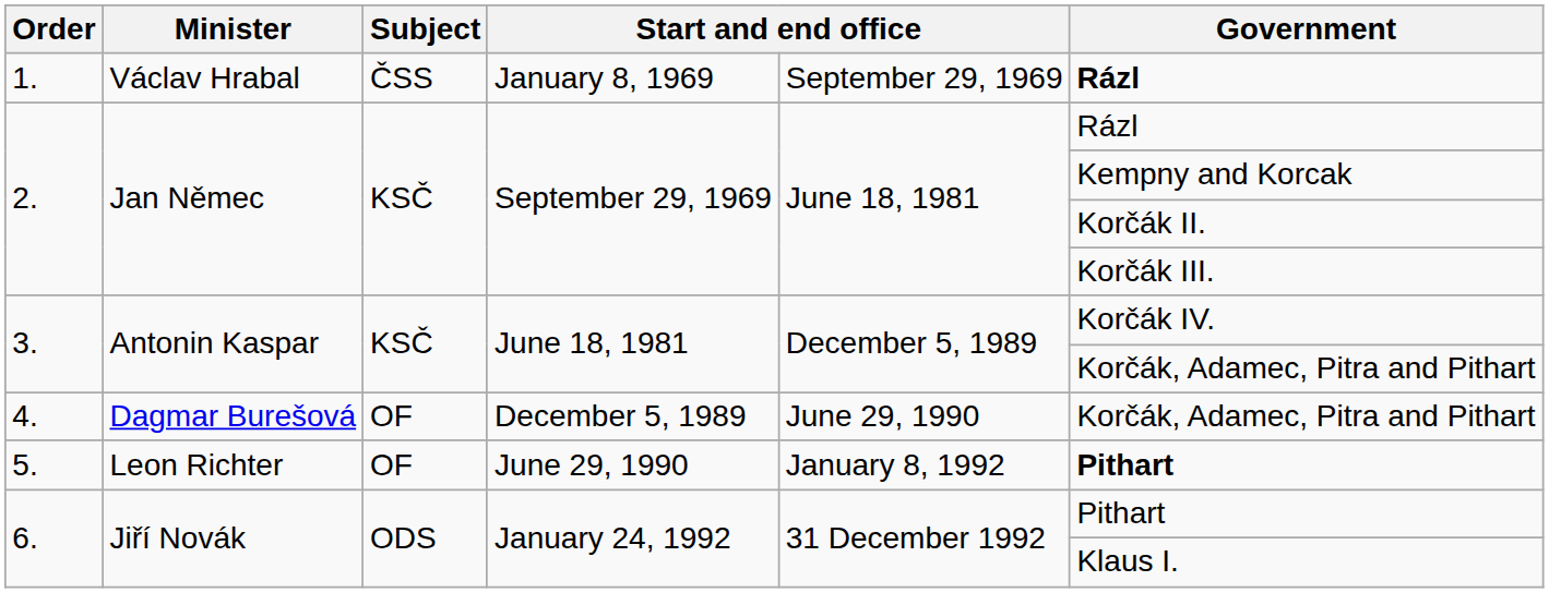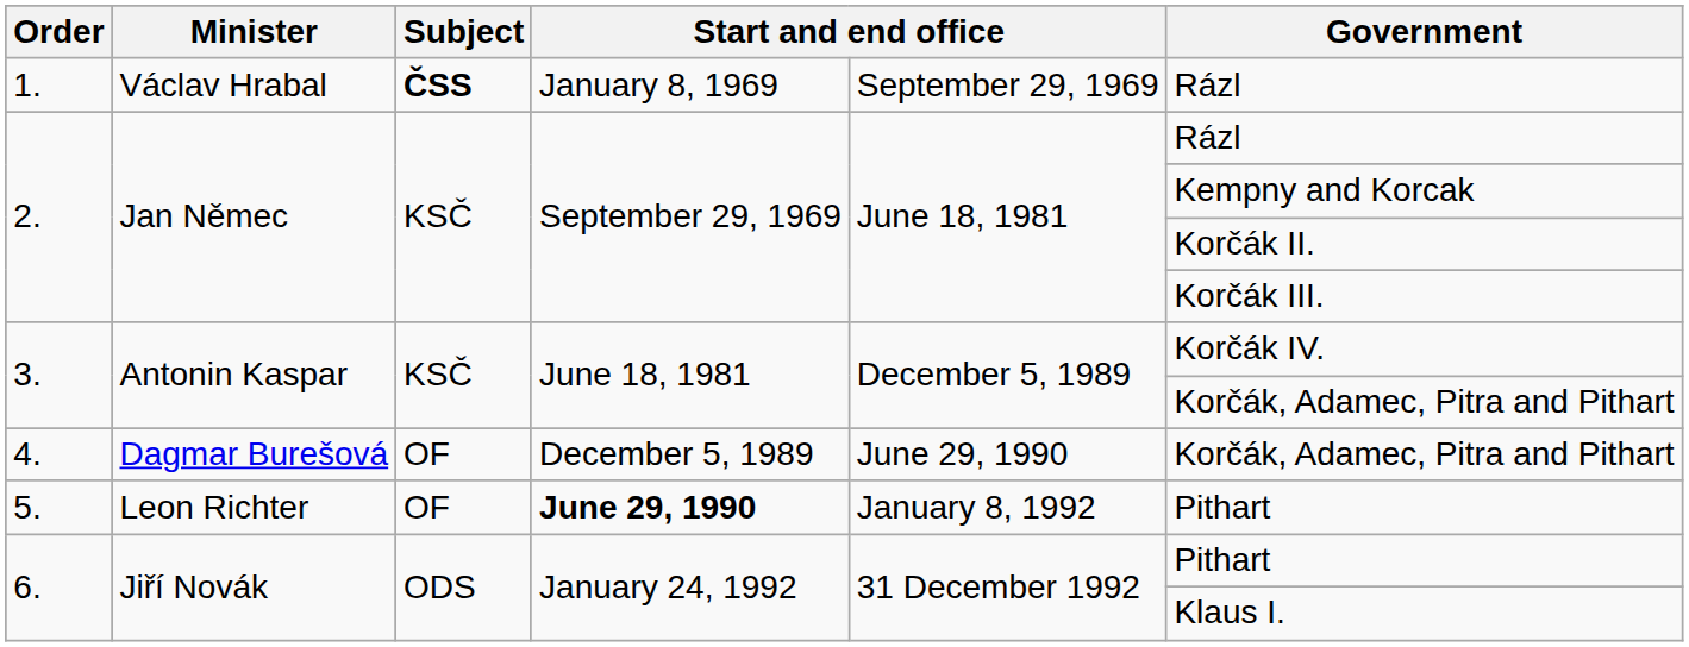 <table class="wikitable">
 <tr>
 <th>Order</th>
 <th>Minister</th>
 <th>Subject</th>
 <th colspan="2">Start and end office</th>
 <th>Government</th>
 </tr>
 <tr>
 <td>1.</td>
 <td>Václav Hrabal</td>
-<td>ČSS</td>
+<td><strong>ČSS</strong></td>
 <td>January 8, 1969</td>
 <td>September 29, 1969</td>
-<td><strong>Rázl</strong></td>
+<td>Rázl</td>
 </tr>
 <tr>
 <td rowspan="4">2.</td>
 <td rowspan="4">Jan Němec</td>
 <td rowspan="4">KSČ</td>
 <td rowspan="4">September 29, 1969</td>
 <td rowspan="4">June 18, 1981</td>
 <td>Rázl</td>
 </tr>
 <tr>
 <td>Kempny and Korcak</td>
 </tr>
 <tr>
 <td>Korčák  II.</td>
 </tr>
 <tr>
 <td>Korčák  III.</td>
 </tr>
 <tr>
 <td rowspan="2">3.</td>
 <td rowspan="2">Antonin Kaspar</td>
 <td rowspan="2">KSČ</td>
 <td rowspan="2">June 18, 1981</td>
 <td rowspan="2">December 5, 1989</td>
 <td>Korčák  IV.</td>
 </tr>
 <tr>
 <td>Korčák, Adamec, Pitra and Pithart</td>
 </tr>
 <tr>
 <td>4.</td>
 <td><a href='#'>Dagmar Burešová</a></td>
 <td>OF</td>
 <td>December 5, 1989</td>
 <td>June 29, 1990</td>
 <td>Korčák, Adamec, Pitra and Pithart</td>
 </tr>
 <tr>
 <td>5.</td>
 <td>Leon Richter</td>
 <td>OF</td>
-<td>June 29, 1990</td>
+<td><strong>June 29, 1990</strong></td>
 <td>January 8, 1992</td>
-<td><strong>Pithart</strong></td>
+<td>Pithart</td>
 </tr>
 <tr>
 <td rowspan="2">6.</td>
 <td rowspan="2">Jiří Novák</td>
 <td rowspan="2">ODS</td>
 <td rowspan="2">January 24, 1992</td>
 <td rowspan="2">31 December 1992</td>
 <td>Pithart</td>
 </tr>
 <tr>
 <td>Klaus  I.</td>
 </tr>
 </table>
